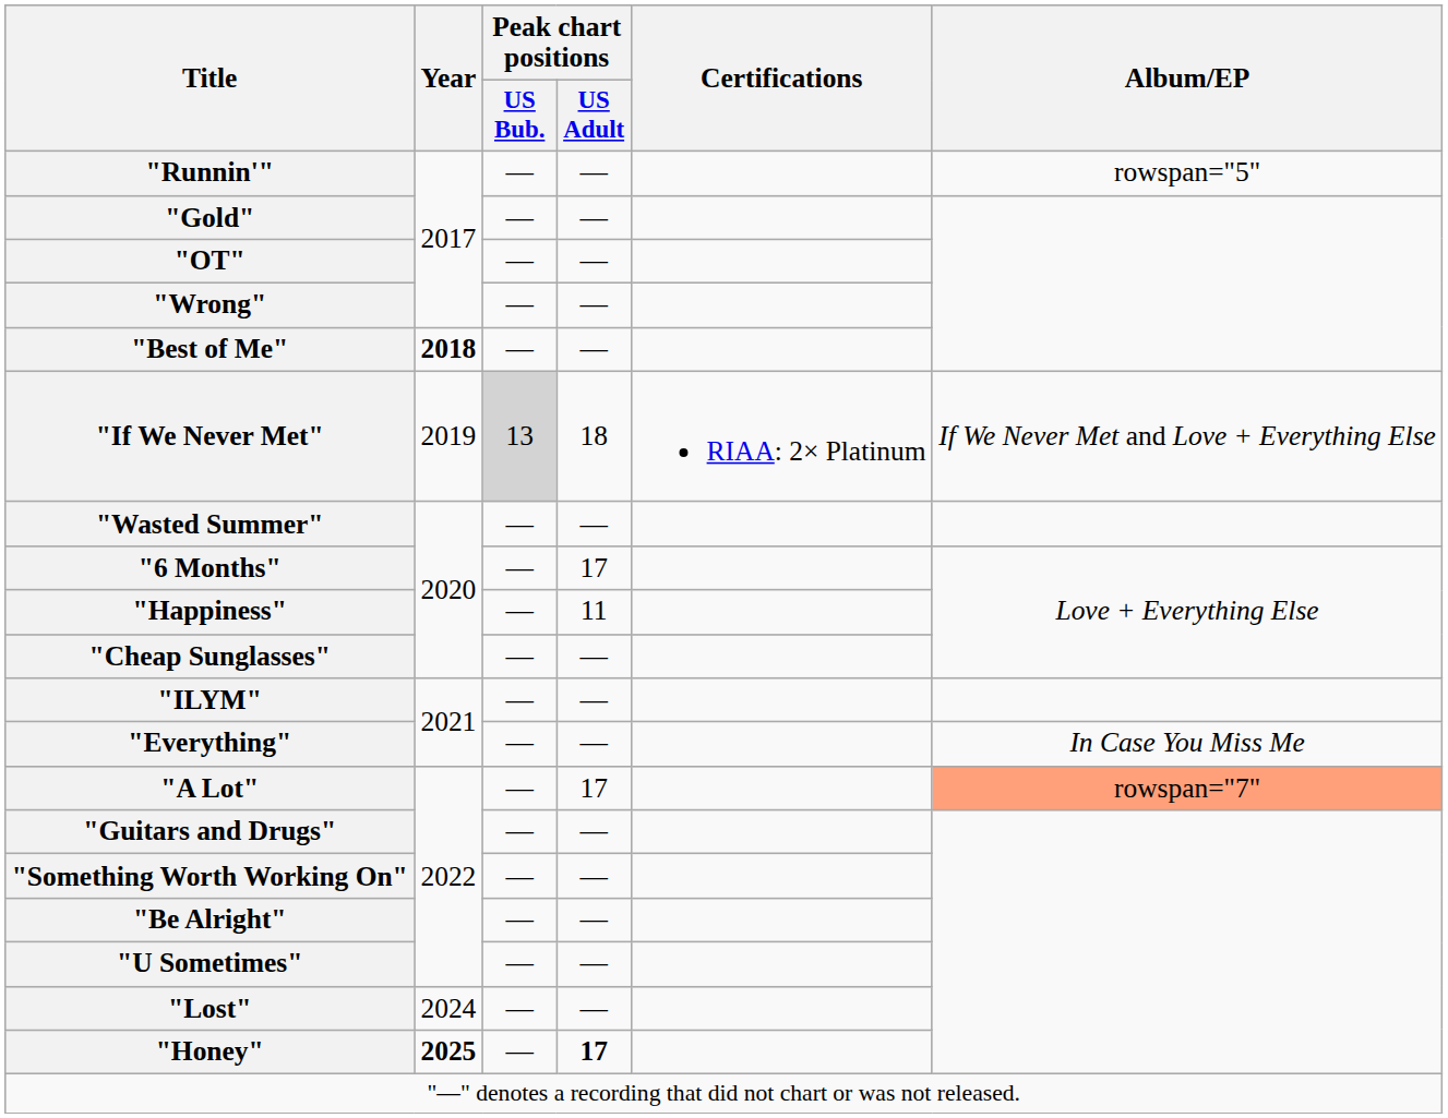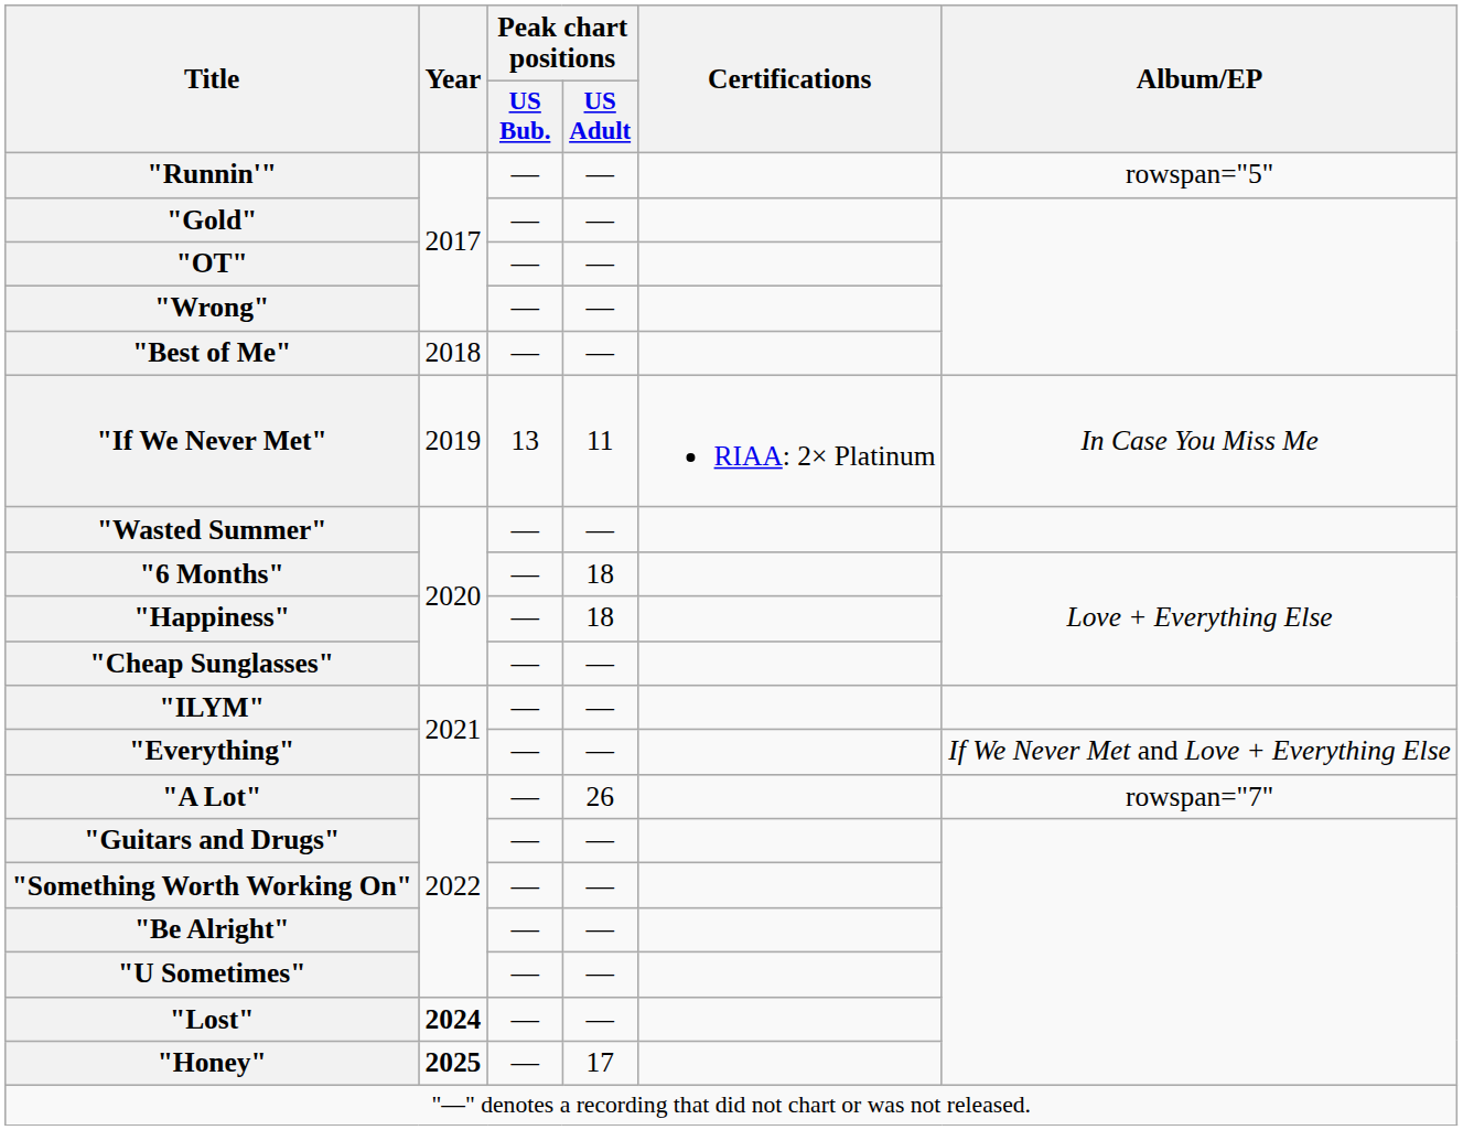 <table class="wikitable plainrowheaders" style="text-align:center;">
 <tr>
 <th scope="col" rowspan="2">Title</th>
 <th scope="col" rowspan="2">Year</th>
 <th scope="col" colspan="2">Peak chart positions</th>
 <th scope="col" rowspan="2">Certifications</th>
 <th scope="col" rowspan="2">Album/EP</th>
 </tr>
 <tr>
 <th scope="col" style="width:2.5em;font-size:90%;"><a href='#'>US<br>Bub.</a><br></th>
 <th scope="col" style="width:2.5em;font-size:90%;"><a href='#'>US<br>Adult</a><br></th>
 </tr>
 <tr>
 <th scope="row">"Runnin'"</th>
 <td rowspan="4">2017</td>
 <td>—</td>
 <td>—</td>
 <td></td>
 <td>rowspan="5" </td>
 </tr>
 <tr>
 <th scope="row">"Gold"<br></th>
 <td>—</td>
 <td>—</td>
 <td></td>
 </tr>
 <tr>
 <th scope="row">"OT"</th>
 <td>—</td>
 <td>—</td>
 <td></td>
 </tr>
 <tr>
 <th scope="row">"Wrong"</th>
 <td>—</td>
 <td>—</td>
 <td></td>
 </tr>
 <tr>
 <th scope="row">"Best of Me"</th>
-<td><strong>2018</strong></td>
+<td>2018</td>
 <td>—</td>
 <td>—</td>
 <td></td>
 </tr>
 <tr>
 <th scope="row">"If We Never Met"<br></th>
 <td>2019</td>
-<td style="background: lightgrey;">13</td>
-<td>18</td>
+<td>13</td>
+<td>11</td>
 <td><br><ul><li><a href='#'>RIAA</a>: 2× Platinum</li></ul></td>
-<td><em>If We Never Met</em> and <em>Love + Everything Else</em></td>
+<td><em>In Case You Miss Me</em></td>
 </tr>
 <tr>
 <th scope="row">"Wasted Summer"<br></th>
 <td rowspan="4">2020</td>
 <td>—</td>
 <td>—</td>
 <td></td>
 <td></td>
 </tr>
 <tr>
 <th scope="row">"6 Months"</th>
 <td>—</td>
-<td>17</td>
+<td>18</td>
 <td></td>
 <td rowspan="3"><em>Love + Everything Else</em></td>
 </tr>
 <tr>
 <th scope="row">"Happiness"</th>
 <td>—</td>
-<td>11</td>
+<td>18</td>
 <td></td>
 </tr>
 <tr>
 <th scope="row">"Cheap Sunglasses"</th>
 <td>—</td>
 <td>—</td>
 <td></td>
 </tr>
 <tr>
 <th scope="row">"ILYM"<br></th>
 <td rowspan="2">2021</td>
 <td>—</td>
 <td>—</td>
 <td></td>
 <td></td>
 </tr>
 <tr>
 <th scope="row">"Everything"</th>
 <td>—</td>
 <td>—</td>
 <td></td>
-<td><em>In Case You Miss Me</em></td>
+<td><em>If We Never Met</em> and <em>Love + Everything Else</em></td>
 </tr>
 <tr>
 <th scope="row">"A Lot"</th>
 <td rowspan="5">2022</td>
 <td>—</td>
-<td>17</td>
+<td>26</td>
 <td></td>
-<td style="background: lightsalmon;">rowspan="7" </td>
+<td>rowspan="7" </td>
 </tr>
 <tr>
 <th scope="row">"Guitars and Drugs"</th>
 <td>—</td>
 <td>—</td>
 <td></td>
 </tr>
 <tr>
 <th scope="row">"Something Worth Working On"</th>
 <td>—</td>
 <td>—</td>
 <td></td>
 </tr>
 <tr>
 <th scope="row">"Be Alright"</th>
 <td>—</td>
 <td>—</td>
 <td></td>
 </tr>
 <tr>
 <th scope="row">"U Sometimes"</th>
 <td>—</td>
 <td>—</td>
 <td></td>
 </tr>
 <tr>
 <th scope="row">"Lost"</th>
-<td>2024</td>
+<td><strong>2024</strong></td>
 <td>—</td>
 <td>—</td>
 <td></td>
 </tr>
 <tr>
 <th scope="row">"Honey"</th>
 <td><strong>2025</strong></td>
 <td>—</td>
-<td><strong>17</strong></td>
+<td>17</td>
 <td></td>
 </tr>
 <tr>
 <td colspan="6" style="font-size:85%">"—" denotes a recording that did not chart or was not released.</td>
 </tr>
 </table>
